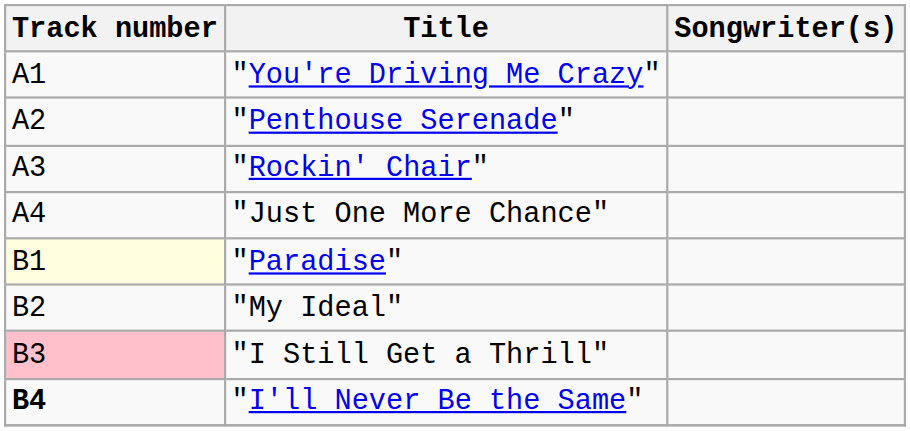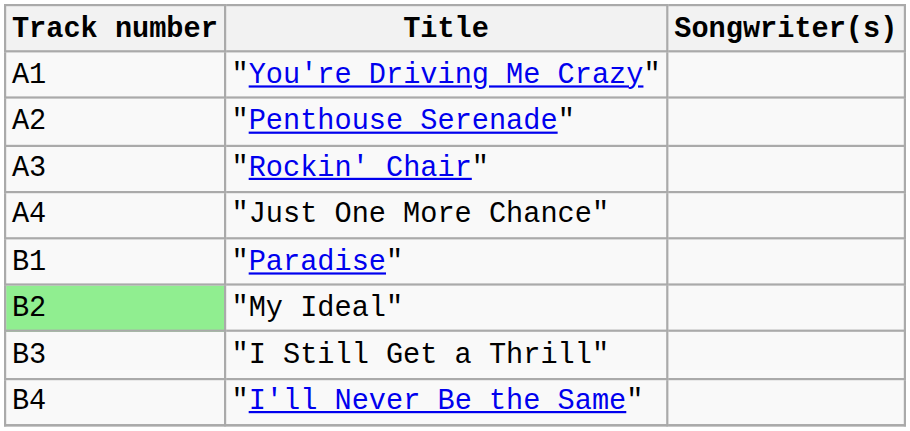 <table class="wikitable">
 <tr>
 <th>Track number</th>
 <th>Title</th>
 <th>Songwriter(s)</th>
 </tr>
 <tr>
 <td>A1</td>
 <td>"<a href='#'>You're Driving Me Crazy</a>"</td>
 <td></td>
 </tr>
 <tr>
 <td>A2</td>
 <td>"<a href='#'>Penthouse Serenade</a>"</td>
 <td></td>
 </tr>
 <tr>
 <td>A3</td>
 <td>"<a href='#'>Rockin' Chair</a>"</td>
 <td></td>
 </tr>
 <tr>
 <td>A4</td>
 <td>"Just One More Chance"</td>
 <td></td>
 </tr>
 <tr>
-<td style="background: lightyellow;">B1</td>
+<td>B1</td>
 <td>"<a href='#'>Paradise</a>"</td>
 <td></td>
 </tr>
 <tr>
-<td>B2</td>
+<td style="background: lightgreen;">B2</td>
 <td>"My Ideal"</td>
 <td></td>
 </tr>
 <tr>
-<td style="background: pink;">B3</td>
+<td>B3</td>
 <td>"I Still Get a Thrill"</td>
 <td></td>
 </tr>
 <tr>
-<td><strong>B4</strong></td>
+<td>B4</td>
 <td>"<a href='#'>I'll Never Be the Same</a>"</td>
 <td></td>
 </tr>
 <tr>
 </tr>
 </table>
